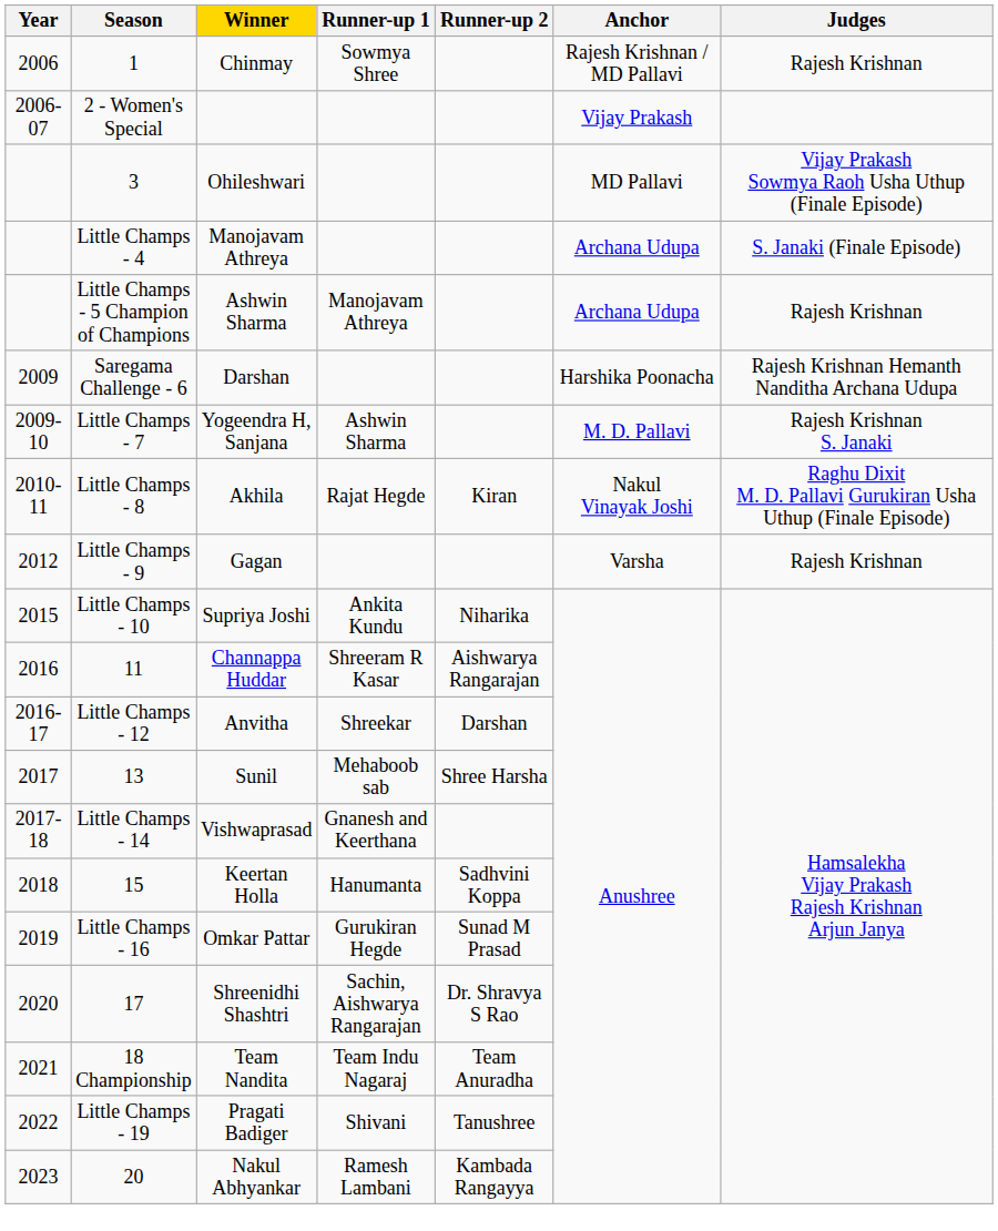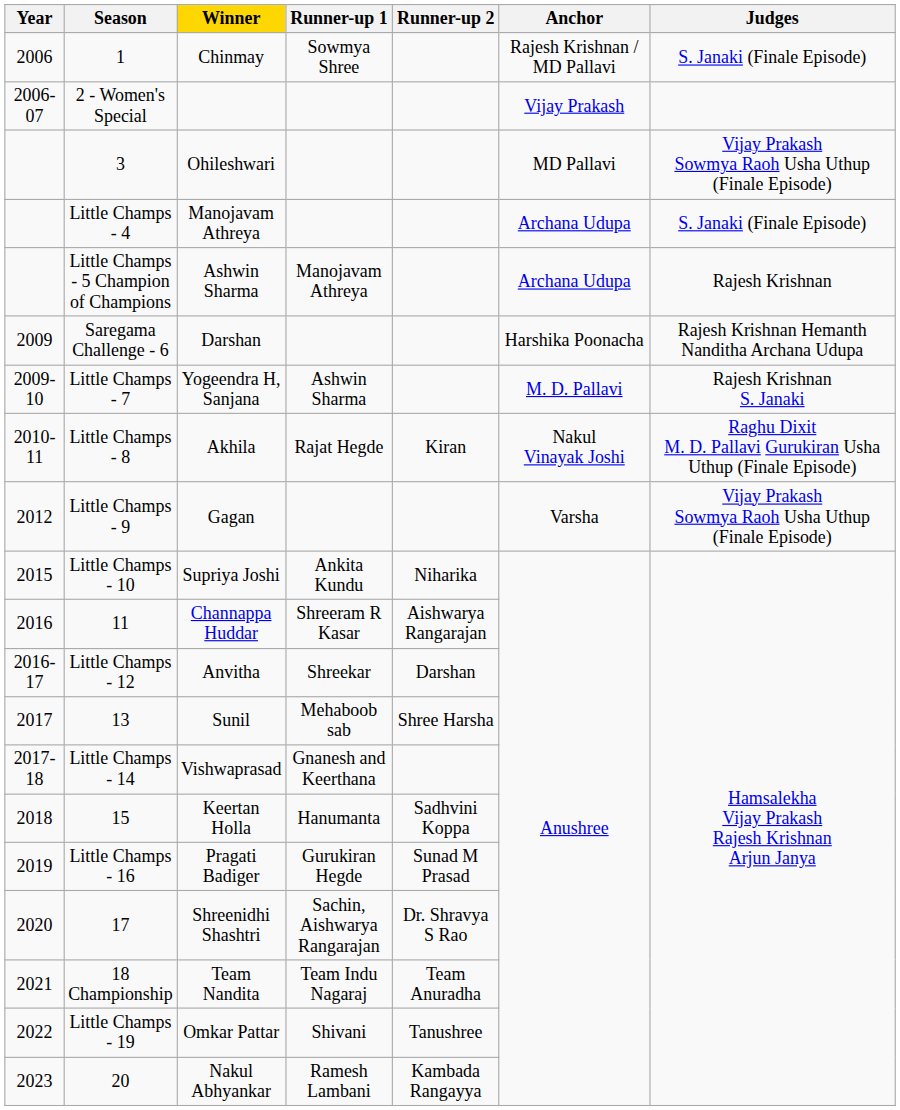 <table class="wikitable" style="margin-left: auto; margin-right: auto; border: none; text-align:center; font-size:100%; width: 90%;">
 <tr>
 <th>Year</th>
 <th style="width:4%;">Season</th>
 <th style="width:12%;  background:gold;" align="center">Winner</th>
 <th style="width:12%;" align="center">Runner-up 1</th>
 <th style="width:12%;" align="center">Runner-up 2</th>
 <th>Anchor</th>
 <th>Judges</th>
 </tr>
 <tr>
 <td>2006</td>
 <td>1</td>
 <td>Chinmay</td>
 <td>Sowmya Shree</td>
 <td></td>
 <td>Rajesh Krishnan / MD Pallavi</td>
-<td>Rajesh Krishnan</td>
+<td><a href='#'>S. Janaki</a> (Finale Episode)</td>
 </tr>
 <tr>
 <td>2006-07</td>
 <td>2 - Women's Special</td>
 <td></td>
 <td></td>
 <td></td>
 <td><a href='#'>Vijay Prakash</a></td>
 <td></td>
 </tr>
 <tr>
 <td></td>
 <td>3</td>
 <td>Ohileshwari</td>
 <td></td>
 <td></td>
 <td>MD Pallavi</td>
 <td><a href='#'>Vijay Prakash</a><br><a href='#'>Sowmya Raoh</a> Usha Uthup (Finale Episode)</td>
 </tr>
 <tr>
 <td></td>
 <td>Little Champs - 4</td>
 <td>Manojavam Athreya</td>
 <td></td>
 <td></td>
 <td><a href='#'>Archana Udupa</a></td>
 <td><a href='#'>S. Janaki</a> (Finale Episode)</td>
 </tr>
 <tr>
 <td></td>
 <td>Little Champs - 5 Champion of Champions</td>
 <td>Ashwin Sharma</td>
 <td>Manojavam Athreya</td>
 <td></td>
 <td><a href='#'>Archana Udupa</a></td>
 <td>Rajesh Krishnan</td>
 </tr>
 <tr>
 <td>2009</td>
 <td>Saregama Challenge - 6</td>
 <td>Darshan</td>
 <td></td>
 <td></td>
 <td>Harshika Poonacha</td>
 <td>Rajesh Krishnan Hemanth Nanditha Archana Udupa</td>
 </tr>
 <tr>
 <td>2009-10</td>
 <td>Little Champs - 7</td>
 <td>Yogeendra H, Sanjana</td>
 <td>Ashwin Sharma</td>
 <td></td>
 <td><a href='#'>M. D. Pallavi</a></td>
 <td>Rajesh Krishnan<br><a href='#'>S. Janaki</a></td>
 </tr>
 <tr>
 <td>2010-11</td>
 <td>Little Champs - 8</td>
 <td>Akhila</td>
 <td>Rajat Hegde</td>
 <td>Kiran</td>
 <td>Nakul<br><a href='#'>Vinayak Joshi</a></td>
 <td><a href='#'>Raghu Dixit</a><br><a href='#'>M. D. Pallavi</a> <a href='#'>Gurukiran</a> Usha Uthup (Finale Episode)</td>
 </tr>
 <tr>
 <td>2012</td>
 <td>Little Champs - 9</td>
 <td>Gagan</td>
 <td></td>
 <td></td>
 <td>Varsha</td>
-<td>Rajesh Krishnan</td>
+<td><a href='#'>Vijay Prakash</a><br><a href='#'>Sowmya Raoh</a> Usha Uthup (Finale Episode)</td>
 </tr>
 <tr>
 <td>2015</td>
 <td>Little Champs - 10</td>
 <td>Supriya Joshi</td>
 <td>Ankita Kundu</td>
 <td>Niharika</td>
 <td rowspan="11"><a href='#'>Anushree</a></td>
 <td rowspan="11"><a href='#'>Hamsalekha</a><br><a href='#'>Vijay Prakash</a><br><a href='#'>Rajesh Krishnan</a><br><a href='#'>Arjun Janya</a></td>
 </tr>
 <tr>
 <td>2016</td>
 <td>11</td>
 <td><a href='#'>Channappa Huddar</a></td>
 <td>Shreeram R Kasar</td>
 <td>Aishwarya Rangarajan</td>
 </tr>
 <tr>
 <td>2016-17</td>
 <td>Little Champs - 12</td>
 <td>Anvitha</td>
 <td>Shreekar</td>
 <td>Darshan</td>
 </tr>
 <tr>
 <td>2017</td>
 <td>13</td>
 <td>Sunil</td>
 <td>Mehaboob sab</td>
 <td>Shree Harsha</td>
 </tr>
 <tr>
 <td>2017-18</td>
 <td>Little Champs - 14</td>
 <td>Vishwaprasad</td>
 <td>Gnanesh and Keerthana</td>
 </tr>
 <tr>
 <td>2018</td>
 <td>15</td>
 <td>Keertan Holla</td>
 <td>Hanumanta</td>
 <td>Sadhvini Koppa</td>
 </tr>
 <tr>
 <td>2019</td>
 <td>Little Champs - 16</td>
-<td>Omkar Pattar</td>
+<td>Pragati Badiger</td>
 <td>Gurukiran Hegde</td>
 <td>Sunad M Prasad</td>
 </tr>
 <tr>
 <td>2020</td>
 <td>17</td>
 <td>Shreenidhi Shashtri</td>
 <td>Sachin, Aishwarya Rangarajan</td>
 <td>Dr. Shravya S Rao</td>
 </tr>
 <tr>
 <td>2021</td>
 <td>18<br>Championship</td>
 <td>Team Nandita</td>
 <td>Team Indu Nagaraj</td>
 <td>Team Anuradha</td>
 </tr>
 <tr>
 <td>2022</td>
 <td>Little Champs - 19</td>
-<td>Pragati Badiger</td>
+<td>Omkar Pattar</td>
 <td>Shivani</td>
 <td>Tanushree</td>
 </tr>
 <tr>
 <td>2023</td>
 <td>20</td>
 <td>Nakul Abhyankar</td>
 <td>Ramesh Lambani</td>
 <td>Kambada Rangayya</td>
 </tr>
 </table>
